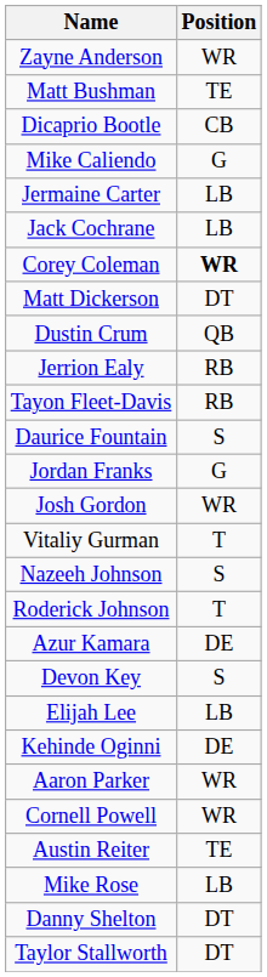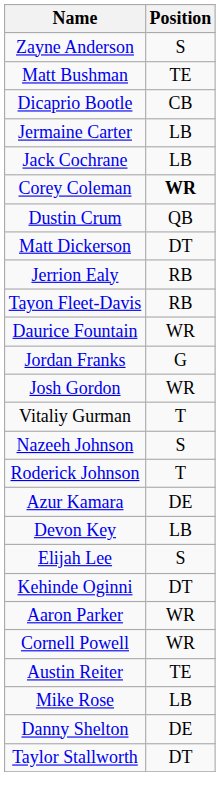 <table class="wikitable" style="text-align:center">
 <tr>
 <th>Name</th>
 <th>Position</th>
 </tr>
 <tr>
 <td><a href='#'>Zayne Anderson</a></td>
-<td>WR</td>
+<td>S</td>
 </tr>
 <tr>
 <td><a href='#'>Matt Bushman</a></td>
 <td>TE</td>
 </tr>
 <tr>
 <td><a href='#'>Dicaprio Bootle</a></td>
 <td>CB</td>
-</tr>
-<tr>
-<td><a href='#'>Mike Caliendo</a></td>
-<td>G</td>
 </tr>
 <tr>
 <td><a href='#'>Jermaine Carter</a></td>
 <td>LB</td>
 </tr>
 <tr>
 <td><a href='#'>Jack Cochrane</a></td>
 <td>LB</td>
 </tr>
 <tr>
 <td><a href='#'>Corey Coleman</a></td>
 <td><strong>WR</strong></td>
 </tr>
 <tr>
+<td><a href='#'>Dustin Crum</a></td>
+<td>QB</td>
+</tr>
+<tr>
 <td><a href='#'>Matt Dickerson</a></td>
 <td>DT</td>
-</tr>
-<tr>
-<td><a href='#'>Dustin Crum</a></td>
-<td>QB</td>
 </tr>
 <tr>
 <td><a href='#'>Jerrion Ealy</a></td>
 <td>RB</td>
 </tr>
 <tr>
 <td><a href='#'>Tayon Fleet-Davis</a></td>
 <td>RB</td>
 </tr>
 <tr>
 <td><a href='#'>Daurice Fountain</a></td>
-<td>S</td>
+<td>WR</td>
 </tr>
 <tr>
 <td><a href='#'>Jordan Franks</a></td>
 <td>G</td>
 </tr>
 <tr>
 <td><a href='#'>Josh Gordon</a></td>
 <td>WR</td>
 </tr>
 <tr>
 <td>Vitaliy Gurman</td>
 <td>T</td>
 </tr>
 <tr>
 <td><a href='#'>Nazeeh Johnson</a></td>
 <td>S</td>
 </tr>
 <tr>
 <td><a href='#'>Roderick Johnson</a></td>
 <td>T</td>
 </tr>
 <tr>
 <td><a href='#'>Azur Kamara</a></td>
 <td>DE</td>
 </tr>
 <tr>
 <td><a href='#'>Devon Key</a></td>
+<td>LB</td>
+</tr>
+<tr>
+<td><a href='#'>Elijah Lee</a></td>
 <td>S</td>
 </tr>
 <tr>
-<td><a href='#'>Elijah Lee</a></td>
-<td>LB</td>
-</tr>
-<tr>
 <td><a href='#'>Kehinde Oginni</a></td>
-<td>DE</td>
+<td>DT</td>
 </tr>
 <tr>
 <td><a href='#'>Aaron Parker</a></td>
 <td>WR</td>
 </tr>
 <tr>
 <td><a href='#'>Cornell Powell</a></td>
 <td>WR</td>
 </tr>
 <tr>
 <td><a href='#'>Austin Reiter</a></td>
 <td>TE</td>
 </tr>
 <tr>
 <td><a href='#'>Mike Rose</a></td>
 <td>LB</td>
 </tr>
 <tr>
 <td><a href='#'>Danny Shelton</a></td>
-<td>DT</td>
+<td>DE</td>
 </tr>
 <tr>
 <td><a href='#'>Taylor Stallworth</a></td>
 <td>DT</td>
 </tr>
 </table>
